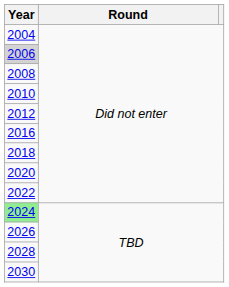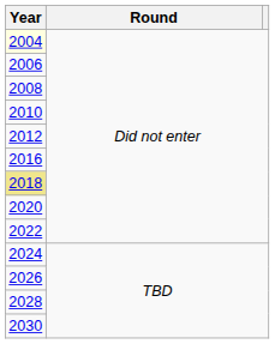 <table class="wikitable" style="text-align: center; font-size:90%">
 <tr>
 <th>Year</th>
 <th style="width:200px">Round</th>
 <th></th>
 </tr>
 <tr>
-<td><a href='#'>2004</a></td>
+<td style="background: lightyellow;"><a href='#'>2004</a></td>
 <td colspan="2" rowspan="9"><em>Did not enter</em></td>
 </tr>
 <tr>
-<td style="background: lightgrey;"><a href='#'>2006</a></td>
+<td><a href='#'>2006</a></td>
 </tr>
 <tr>
 <td><a href='#'>2008</a></td>
 </tr>
 <tr>
 <td><a href='#'>2010</a></td>
 </tr>
 <tr>
 <td><a href='#'>2012</a></td>
 </tr>
 <tr>
 <td><a href='#'>2016</a></td>
 </tr>
 <tr>
-<td><a href='#'>2018</a></td>
+<td style="background: khaki;"><a href='#'>2018</a></td>
 </tr>
 <tr>
 <td><a href='#'>2020</a></td>
 </tr>
 <tr>
 <td><a href='#'>2022</a></td>
 </tr>
 <tr>
-<td style="background: lightgreen;"><a href='#'>2024</a></td>
+<td><a href='#'>2024</a></td>
 <td colspan="2" rowspan="4"><em>TBD</em></td>
 </tr>
 <tr>
 <td><a href='#'>2026</a></td>
 </tr>
 <tr>
 <td><a href='#'>2028</a></td>
 </tr>
 <tr>
 <td><a href='#'>2030</a></td>
 </tr>
 </table>
